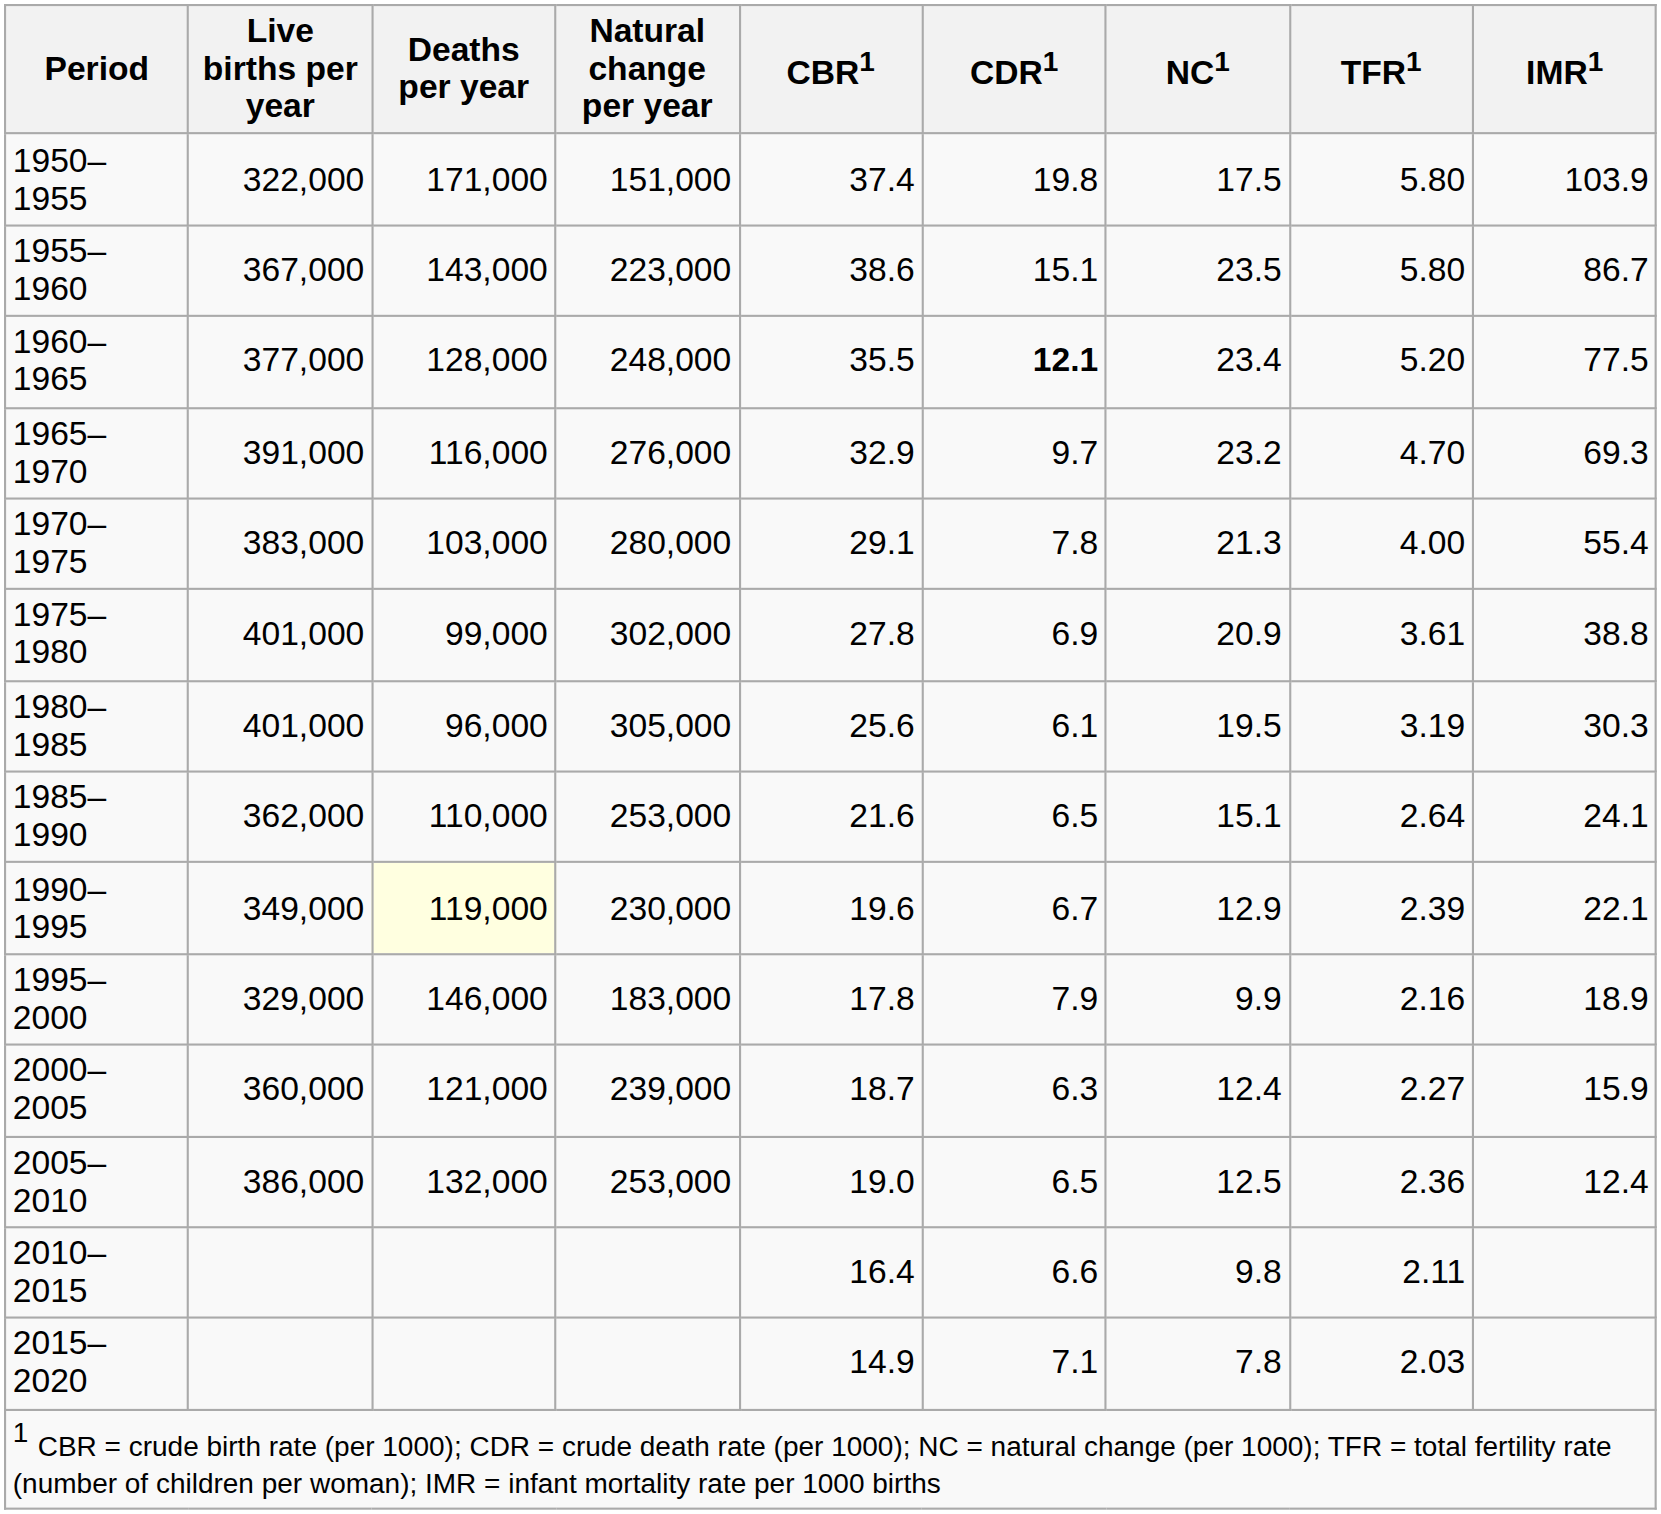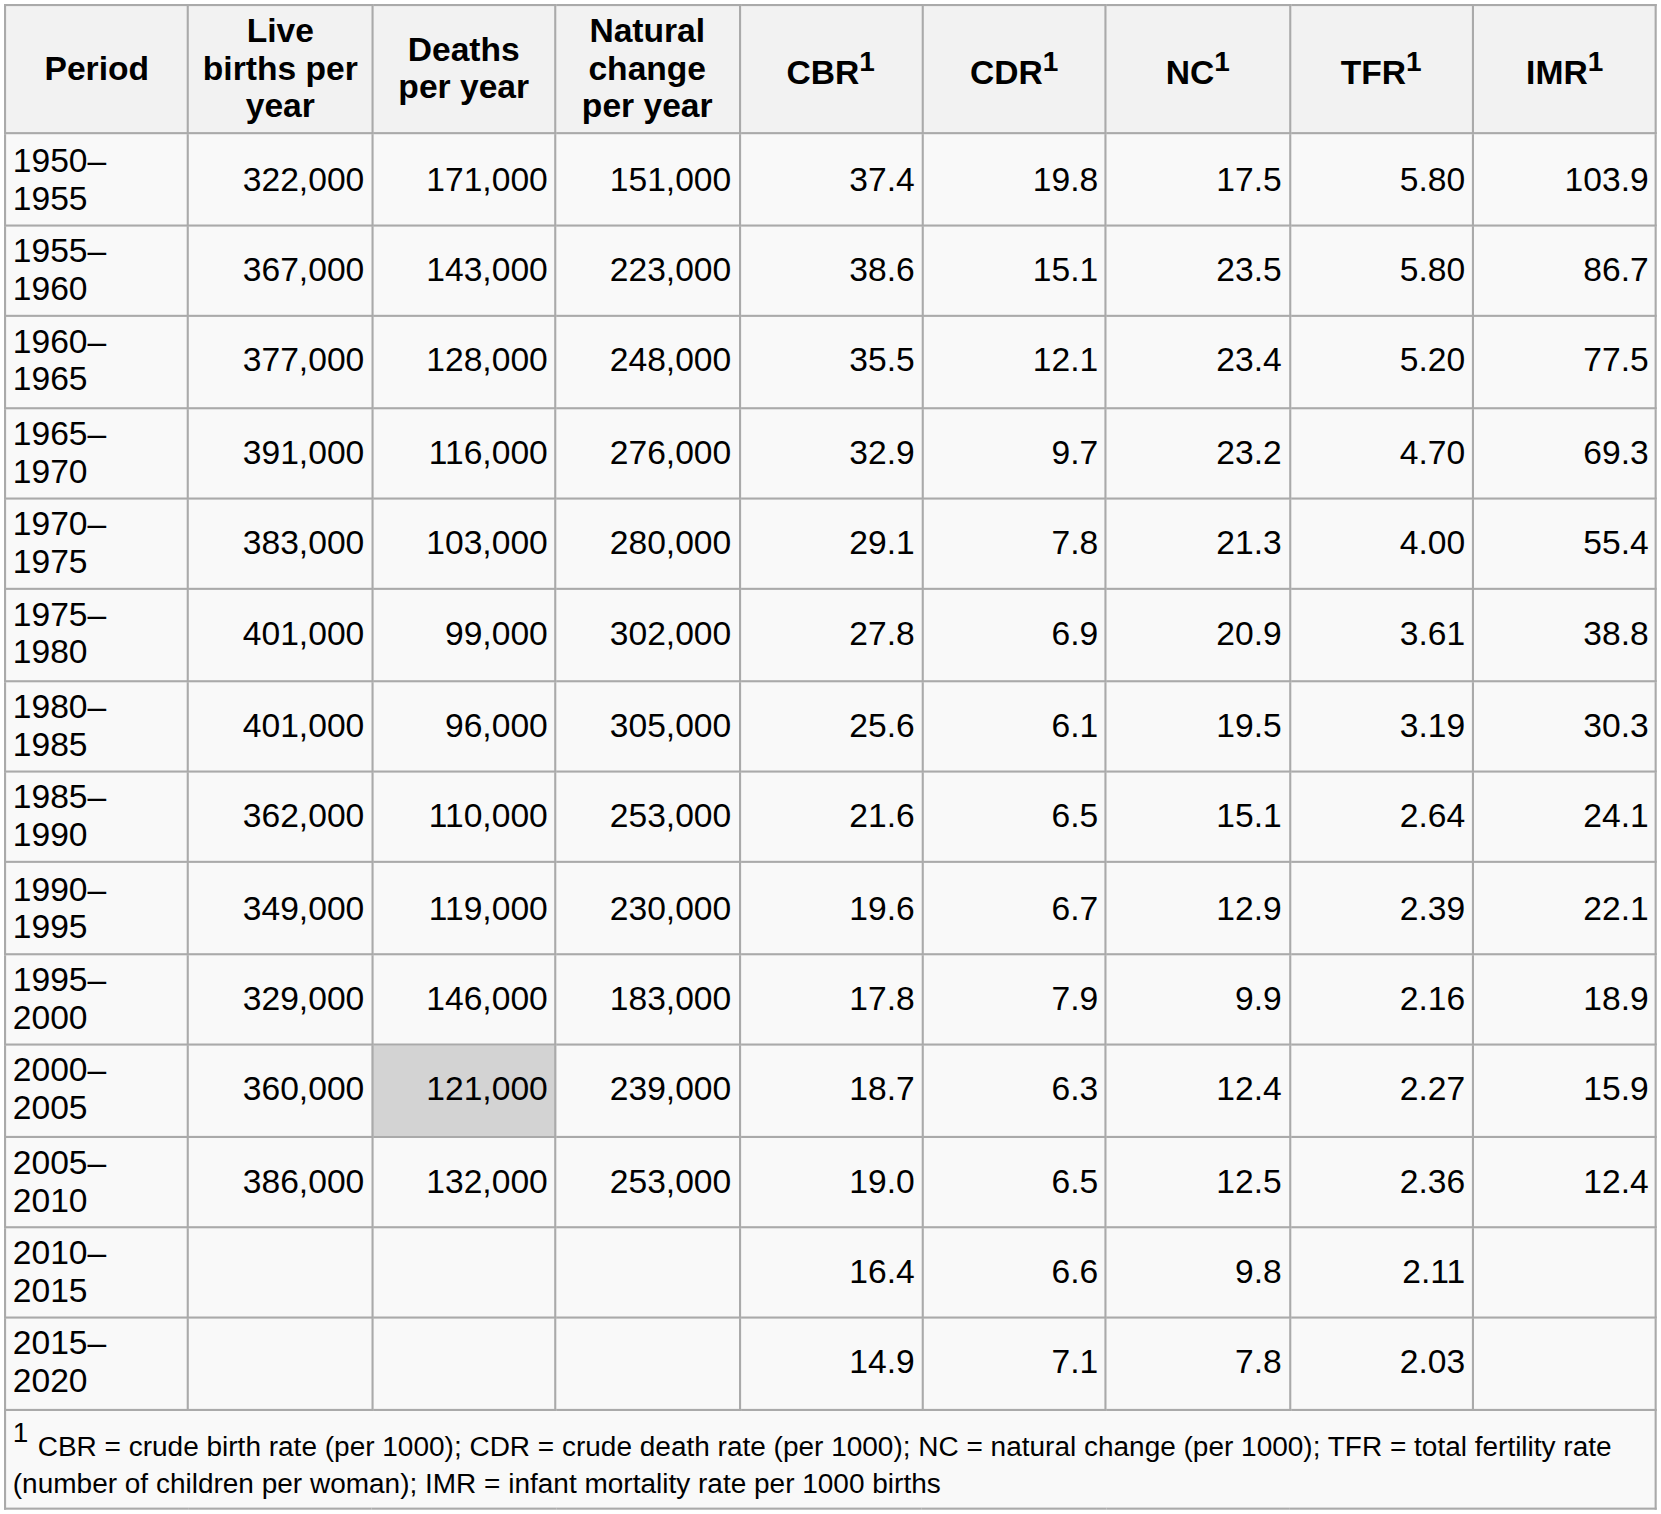 <table class="wikitable">
 <tr>
 <th width="80pt">Period</th>
 <th width="80pt">Live births per year</th>
 <th width="80pt">Deaths per year</th>
 <th width="80pt">Natural change per year</th>
 <th width="80pt">CBR<sup>1</sup></th>
 <th width="80pt">CDR<sup>1</sup></th>
 <th width="80pt">NC<sup>1</sup></th>
 <th width="80pt">TFR<sup>1</sup></th>
 <th width="80pt">IMR<sup>1</sup></th>
 </tr>
 <tr>
 <td>1950–1955</td>
 <td align="right">322,000</td>
 <td align="right">171,000</td>
 <td align="right">151,000</td>
 <td align="right">37.4</td>
 <td align="right">19.8</td>
 <td align="right">17.5</td>
 <td align="right">5.80</td>
 <td align="right">103.9</td>
 </tr>
 <tr>
 <td>1955–1960</td>
 <td align="right">367,000</td>
 <td align="right">143,000</td>
 <td align="right">223,000</td>
 <td align="right">38.6</td>
 <td align="right">15.1</td>
 <td align="right">23.5</td>
 <td align="right">5.80</td>
 <td align="right">86.7</td>
 </tr>
 <tr>
 <td>1960–1965</td>
 <td align="right">377,000</td>
 <td align="right">128,000</td>
 <td align="right">248,000</td>
 <td align="right">35.5</td>
-<td align="right"><strong>12.1</strong></td>
+<td align="right">12.1</td>
 <td align="right">23.4</td>
 <td align="right">5.20</td>
 <td align="right">77.5</td>
 </tr>
 <tr>
 <td>1965–1970</td>
 <td align="right">391,000</td>
 <td align="right">116,000</td>
 <td align="right">276,000</td>
 <td align="right">32.9</td>
 <td align="right">9.7</td>
 <td align="right">23.2</td>
 <td align="right">4.70</td>
 <td align="right">69.3</td>
 </tr>
 <tr>
 <td>1970–1975</td>
 <td align="right">383,000</td>
 <td align="right">103,000</td>
 <td align="right">280,000</td>
 <td align="right">29.1</td>
 <td align="right">7.8</td>
 <td align="right">21.3</td>
 <td align="right">4.00</td>
 <td align="right">55.4</td>
 </tr>
 <tr>
 <td>1975–1980</td>
 <td align="right">401,000</td>
 <td align="right">99,000</td>
 <td align="right">302,000</td>
 <td align="right">27.8</td>
 <td align="right">6.9</td>
 <td align="right">20.9</td>
 <td align="right">3.61</td>
 <td align="right">38.8</td>
 </tr>
 <tr>
 <td>1980–1985</td>
 <td align="right">401,000</td>
 <td align="right">96,000</td>
 <td align="right">305,000</td>
 <td align="right">25.6</td>
 <td align="right">6.1</td>
 <td align="right">19.5</td>
 <td align="right">3.19</td>
 <td align="right">30.3</td>
 </tr>
 <tr>
 <td>1985–1990</td>
 <td align="right">362,000</td>
 <td align="right">110,000</td>
 <td align="right">253,000</td>
 <td align="right">21.6</td>
 <td align="right">6.5</td>
 <td align="right">15.1</td>
 <td align="right">2.64</td>
 <td align="right">24.1</td>
 </tr>
 <tr>
 <td>1990–1995</td>
 <td align="right">349,000</td>
-<td align="right" style="background: lightyellow;">119,000</td>
+<td align="right">119,000</td>
 <td align="right">230,000</td>
 <td align="right">19.6</td>
 <td align="right">6.7</td>
 <td align="right">12.9</td>
 <td align="right">2.39</td>
 <td align="right">22.1</td>
 </tr>
 <tr>
 <td>1995–2000</td>
 <td align="right">329,000</td>
 <td align="right">146,000</td>
 <td align="right">183,000</td>
 <td align="right">17.8</td>
 <td align="right">7.9</td>
 <td align="right">9.9</td>
 <td align="right">2.16</td>
 <td align="right">18.9</td>
 </tr>
 <tr>
 <td>2000–2005</td>
 <td align="right">360,000</td>
-<td align="right">121,000</td>
+<td align="right" style="background: lightgrey;">121,000</td>
 <td align="right">239,000</td>
 <td align="right">18.7</td>
 <td align="right">6.3</td>
 <td align="right">12.4</td>
 <td align="right">2.27</td>
 <td align="right">15.9</td>
 </tr>
 <tr>
 <td>2005–2010</td>
 <td align="right">386,000</td>
 <td align="right">132,000</td>
 <td align="right">253,000</td>
 <td align="right">19.0</td>
 <td align="right">6.5</td>
 <td align="right">12.5</td>
 <td align="right">2.36</td>
 <td align="right">12.4</td>
 </tr>
 <tr>
 <td>2010–2015</td>
 <td align="right"></td>
 <td align="right"></td>
 <td align="right"></td>
 <td align="right">16.4</td>
 <td align="right">6.6</td>
 <td align="right">9.8</td>
 <td align="right">2.11</td>
 <td align="right"></td>
 </tr>
 <tr>
 <td>2015–2020</td>
 <td align="right"></td>
 <td align="right"></td>
 <td align="right"></td>
 <td align="right">14.9</td>
 <td align="right">7.1</td>
 <td align="right">7.8</td>
 <td align="right">2.03</td>
 <td align="right"></td>
 </tr>
 <tr>
 <td colspan="9"><sup>1</sup> <small>CBR = crude birth rate (per 1000); CDR = crude death rate (per 1000); NC = natural change (per 1000); TFR = total fertility rate (number of children per woman); IMR = infant mortality rate per 1000 births</small></td>
 </tr>
 </table>
